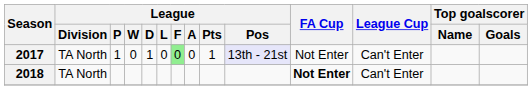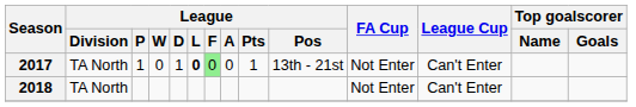 <table class="wikitable" style="text-align: center">
 <tr>
 <th rowspan=2>Season</th>
 <th colspan=9>League</th>
 <th rowspan=2><a href='#'>FA Cup</a></th>
 <th rowspan=2><a href='#'>League Cup</a></th>
 <th colspan=2>Top goalscorer</th>
 </tr>
 <tr>
 <th>Division</th>
 <th>P</th>
 <th>W</th>
 <th>D</th>
 <th>L</th>
 <th>F</th>
 <th>A</th>
 <th>Pts</th>
 <th>Pos</th>
 <th>Name</th>
 <th>Goals</th>
 </tr>
 <tr>
 <th>2017</th>
 <td>TA North</td>
 <td>1</td>
 <td>0</td>
 <td>1</td>
-<td>0</td>
+<td><strong>0</strong></td>
 <td style="background: lightgreen;">0</td>
 <td>0</td>
 <td>1</td>
-<td style="background: lavender;">13th - 21st</td>
+<td>13th - 21st</td>
 <td>Not Enter</td>
 <td>Can't Enter</td>
 <td></td>
 <td></td>
 </tr>
 <tr>
 <th>2018</th>
 <td>TA North</td>
 <td></td>
 <td></td>
 <td></td>
 <td></td>
 <td></td>
 <td></td>
 <td></td>
 <td></td>
-<td><strong>Not Enter</strong></td>
+<td>Not Enter</td>
 <td>Can't Enter</td>
 <td></td>
 <td></td>
 </tr>
 <tr>
 </tr>
 </table>
